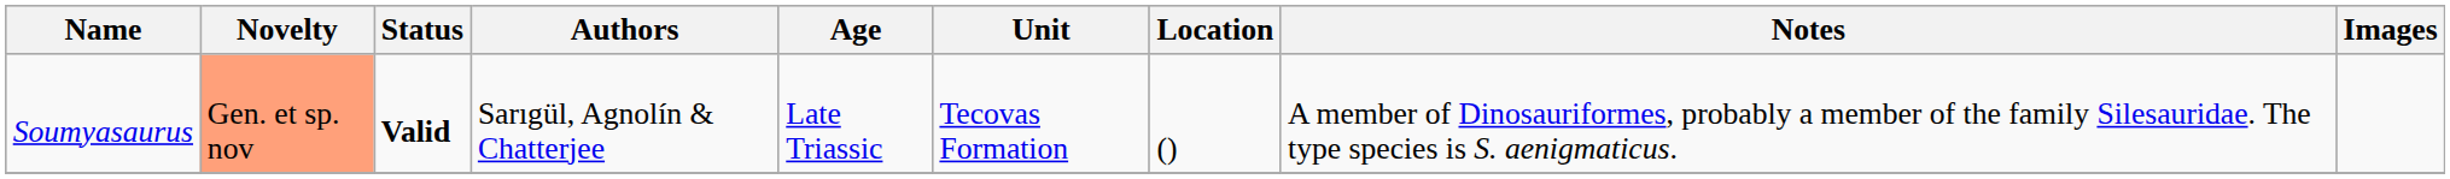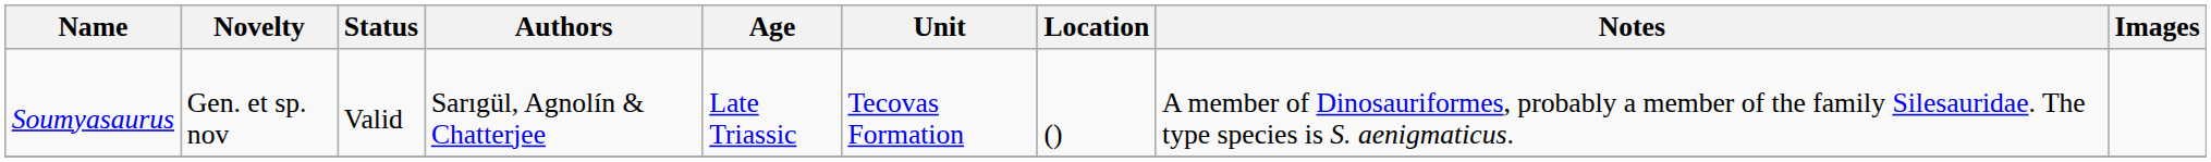 <table class="wikitable sortable" align="center" width="100%">
 <tr>
 <th>Name</th>
 <th>Novelty</th>
 <th>Status</th>
 <th>Authors</th>
 <th>Age</th>
 <th>Unit</th>
 <th>Location</th>
 <th>Notes</th>
 <th>Images</th>
 </tr>
 <tr>
 <td><br><em><a href='#'>Soumyasaurus</a></em></td>
-<td style="background: lightsalmon;"><br>Gen. et sp. nov</td>
-<td><strong><br>Valid</strong></td>
+<td><br>Gen. et sp. nov</td>
+<td><br>Valid</td>
 <td><br>Sarıgül, Agnolín & <a href='#'>Chatterjee</a></td>
 <td><br><a href='#'>Late Triassic</a></td>
 <td><br><a href='#'>Tecovas Formation</a></td>
 <td><br><br>()</td>
 <td><br>A member of <a href='#'>Dinosauriformes</a>, probably a member of the family <a href='#'>Silesauridae</a>. The type species is <em>S. aenigmaticus</em>.</td>
 <td></td>
 </tr>
 <tr>
 </tr>
 </table>
